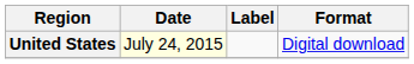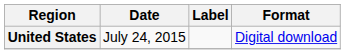 <table class="wikitable plainrowheaders">
 <tr>
 <th scope="col">Region</th>
 <th scope="col">Date</th>
 <th scope="col">Label</th>
 <th scope="col">Format</th>
 </tr>
 <tr>
 <th scope="row">United States</th>
-<td style="background: lightyellow;">July 24, 2015</td>
+<td>July 24, 2015</td>
 <td></td>
 <td><a href='#'>Digital download</a></td>
 </tr>
 <tr>
 </tr>
 </table>
